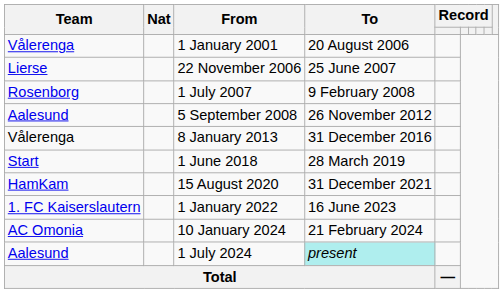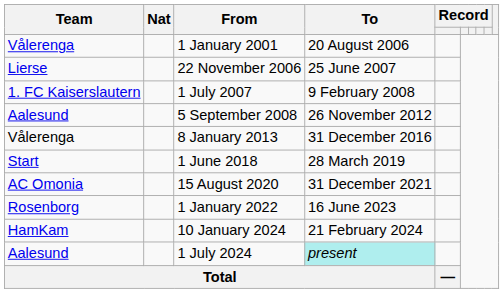 <table class="wikitable" style="text-align: center">
 <tr>
 <th rowspan="2">Team</th>
 <th rowspan="2">Nat</th>
 <th rowspan="2">From</th>
 <th rowspan="2">To</th>
 <th colspan="5">Record</th>
 <th rowspan="2"></th>
 </tr>
 <tr>
 <th></th>
 <th></th>
 <th></th>
 <th></th>
 <th></th>
 </tr>
 <tr>
 <td align=left><a href='#'>Vålerenga</a></td>
 <td></td>
 <td align=left>1 January 2001</td>
 <td align=left>20 August 2006<br></td>
 <td></td>
 </tr>
 <tr>
 <td align=left><a href='#'>Lierse</a></td>
 <td></td>
 <td align=left>22 November 2006</td>
 <td align=left>25 June 2007<br></td>
 <td></td>
 </tr>
 <tr>
-<td align=left><a href='#'>Rosenborg</a></td>
+<td align=left><a href='#'>1. FC Kaiserslautern</a></td>
 <td></td>
 <td align=left>1 July 2007</td>
 <td align=left>9 February 2008<br></td>
 <td></td>
 </tr>
 <tr>
 <td align=left><a href='#'>Aalesund</a></td>
 <td></td>
 <td align=left>5 September 2008</td>
 <td align=left>26 November 2012<br></td>
 <td></td>
 </tr>
 <tr>
 <td align=left>Vålerenga</td>
 <td></td>
 <td align=left>8 January 2013</td>
 <td align=left>31 December 2016<br></td>
 <td></td>
 </tr>
 <tr>
 <td align=left><a href='#'>Start</a></td>
 <td></td>
 <td align=left>1 June 2018</td>
 <td align=left>28 March 2019<br></td>
 <td></td>
 </tr>
 <tr>
-<td align=left><a href='#'>HamKam</a></td>
+<td align=left><a href='#'>AC Omonia</a></td>
 <td></td>
 <td align=left>15 August 2020</td>
 <td align=left>31 December 2021<br></td>
 <td></td>
 </tr>
 <tr>
-<td align=left><a href='#'>1. FC Kaiserslautern</a></td>
+<td align=left><a href='#'>Rosenborg</a></td>
 <td></td>
 <td align=left>1 January 2022</td>
 <td align=left>16 June 2023<br></td>
 <td></td>
 </tr>
 <tr>
-<td align=left><a href='#'>AC Omonia</a></td>
+<td align=left><a href='#'>HamKam</a></td>
 <td></td>
 <td align=left>10 January 2024</td>
 <td align=left>21 February 2024<br></td>
 <td></td>
 </tr>
 <tr>
 <td align=left><a href='#'>Aalesund</a></td>
 <td></td>
 <td align=left>1 July 2024</td>
 <td align=left style="background: paleturquoise;"><em>present</em><br></td>
 <td></td>
 </tr>
 <tr>
 <th colspan="4">Total<br></th>
 <th>—</th>
 </tr>
 </table>
